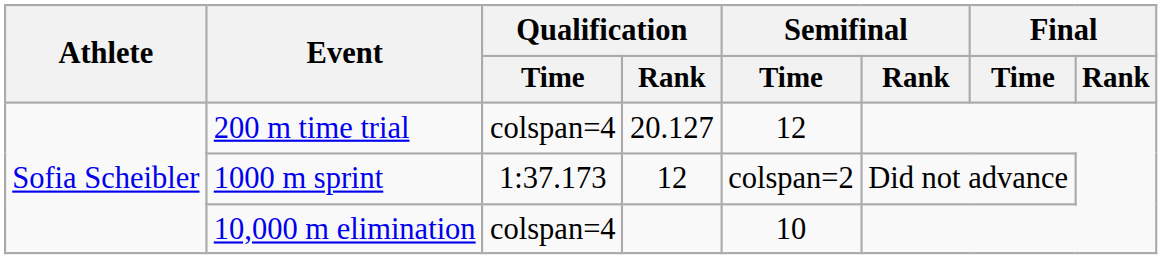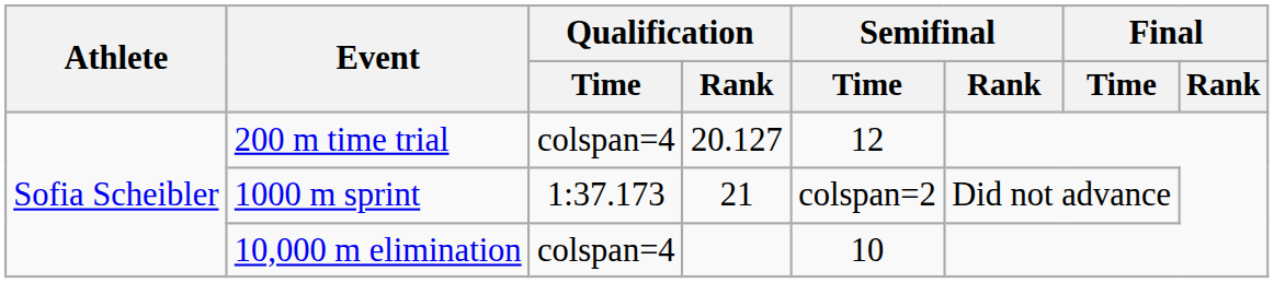 <table class=wikitable style=font-size:90%;text-align:center>
 <tr>
 <th rowspan=2>Athlete</th>
 <th rowspan=2>Event</th>
 <th colspan=2>Qualification</th>
 <th colspan=2>Semifinal</th>
 <th colspan=2>Final</th>
 </tr>
 <tr style=font-size:95%>
 <th>Time</th>
 <th>Rank</th>
 <th>Time</th>
 <th>Rank</th>
 <th>Time</th>
 <th>Rank</th>
 </tr>
 <tr>
 <td align=left rowspan=3><a href='#'>Sofia Scheibler</a></td>
 <td align=left><a href='#'>200 m time trial</a></td>
 <td>colspan=4 </td>
 <td>20.127</td>
 <td>12</td>
 </tr>
 <tr>
 <td align=left><a href='#'>1000 m sprint</a></td>
 <td>1:37.173</td>
-<td>12</td>
+<td>21</td>
 <td>colspan=2 </td>
 <td colspan=2>Did not advance</td>
 </tr>
 <tr>
 <td align=left><a href='#'>10,000 m elimination</a></td>
 <td>colspan=4 </td>
 <td></td>
 <td>10</td>
 </tr>
 </table>
